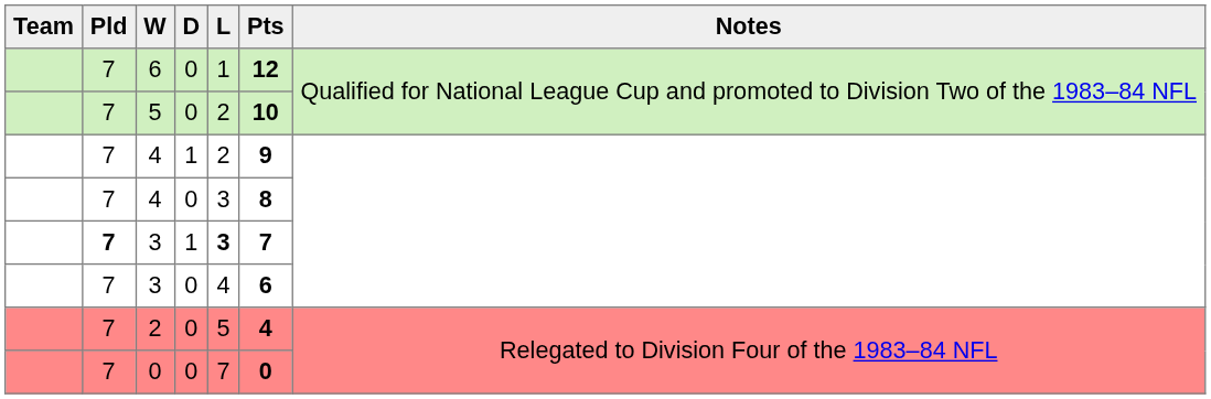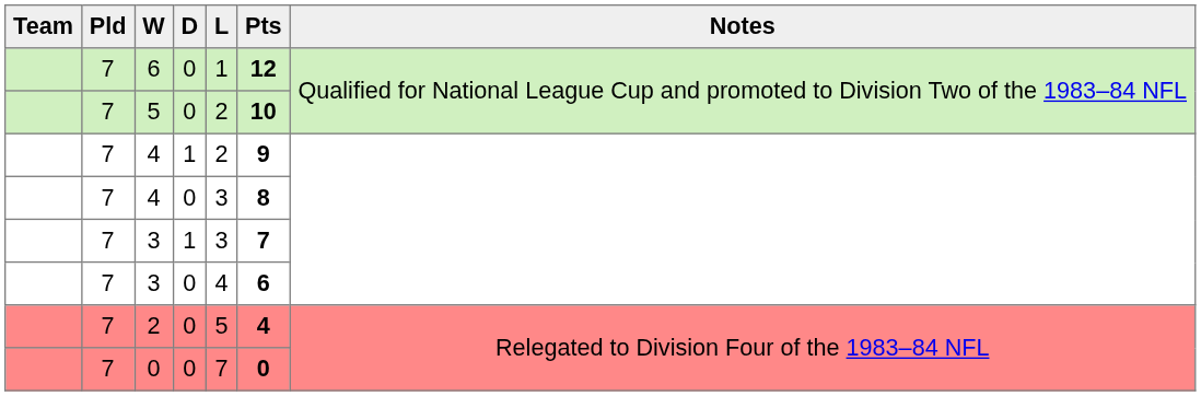 <table style=border-collapse:collapse border=1 cellspacing=0 cellpadding=5>
 <tr align=center bgcolor=#efefef>
 <th>Team</th>
 <th>Pld</th>
 <th>W</th>
 <th>D</th>
 <th>L</th>
 <th>Pts</th>
 <th>Notes</th>
 </tr>
 <tr align=center style="background:#D0F0C0;">
 <td style="text-align:left;"> </td>
 <td>7</td>
 <td>6</td>
 <td>0</td>
 <td>1</td>
 <td><strong>12</strong></td>
 <td rowspan=2>Qualified for National League Cup and promoted to Division Two of the <a href='#'>1983–84 NFL</a></td>
 </tr>
 <tr align=center style="background:#D0F0C0;">
 <td style="text-align:left;"> </td>
 <td>7</td>
 <td>5</td>
 <td>0</td>
 <td>2</td>
 <td><strong>10</strong></td>
 </tr>
 <tr align=center style="background:#FFFFFF;">
 <td style="text-align:left;"> </td>
 <td>7</td>
 <td>4</td>
 <td>1</td>
 <td>2</td>
 <td><strong>9</strong></td>
 <td rowspan=4></td>
 </tr>
 <tr align=center style="background:#FFFFFF;">
 <td style="text-align:left;"> </td>
 <td>7</td>
 <td>4</td>
 <td>0</td>
 <td>3</td>
 <td><strong>8</strong></td>
 </tr>
 <tr align=center style="background:#FFFFFF;">
 <td style="text-align:left;"> </td>
-<td><strong>7</strong></td>
+<td>7</td>
 <td>3</td>
 <td>1</td>
-<td><strong>3</strong></td>
+<td>3</td>
 <td><strong>7</strong></td>
 </tr>
 <tr align=center style="background:#FFFFFF;">
 <td style="text-align:left;"> </td>
 <td>7</td>
 <td>3</td>
 <td>0</td>
 <td>4</td>
 <td><strong>6</strong></td>
 </tr>
 <tr align=center style="background:#FF8888;">
 <td style="text-align:left;"> </td>
 <td>7</td>
 <td>2</td>
 <td>0</td>
 <td>5</td>
 <td><strong>4</strong></td>
 <td rowspan=2>Relegated to Division Four of the <a href='#'>1983–84 NFL</a></td>
 </tr>
 <tr align=center style="background:#FF8888;">
 <td style="text-align:left;"> </td>
 <td>7</td>
 <td>0</td>
 <td>0</td>
 <td>7</td>
 <td><strong>0</strong></td>
 </tr>
 </table>
